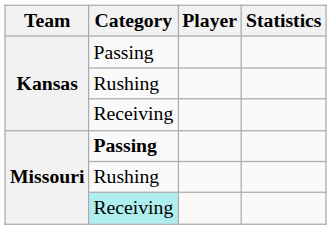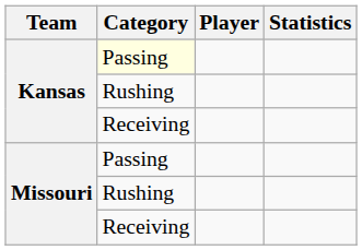 <table class="wikitable" style="float:right">
 <tr>
 <th>Team</th>
 <th>Category</th>
 <th>Player</th>
 <th>Statistics</th>
 </tr>
 <tr>
 <th rowspan=3>Kansas</th>
-<td>Passing</td>
+<td style="background: lightyellow;">Passing</td>
 <td></td>
 <td></td>
 </tr>
 <tr>
 <td>Rushing</td>
 <td></td>
 <td></td>
 </tr>
 <tr>
 <td>Receiving</td>
 <td></td>
 <td></td>
 </tr>
 <tr>
 <th rowspan=3>Missouri</th>
-<td><strong>Passing</strong></td>
+<td>Passing</td>
 <td></td>
 <td></td>
 </tr>
 <tr>
 <td>Rushing</td>
 <td></td>
 <td></td>
 </tr>
 <tr>
-<td style="background: paleturquoise;">Receiving</td>
+<td>Receiving</td>
 <td></td>
 <td></td>
 </tr>
 </table>
